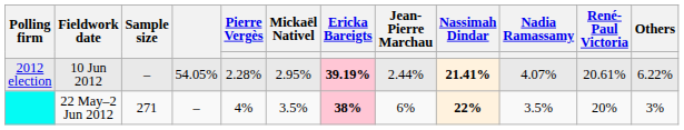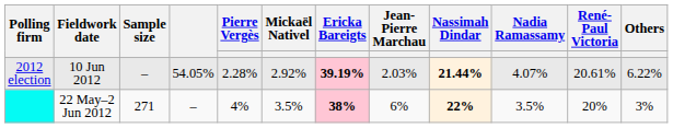 <table class="wikitable sortable" style="text-align:center;font-size:90%;line-height:14px;">
 <tr style="height:40px;">
 <th style="width:100px;" rowspan="2">Polling firm</th>
 <th style="width:110px;" rowspan="2">Fieldwork date</th>
 <th style="width:35px;" rowspan="2">Sample<br>size</th>
 <th style="width:30px;" rowspan="2"></th>
 <th class="unsortable" style="width:60px;"><a href='#'>Pierre Vergès</a><br></th>
 <th class="unsortable" style="width:60px;">Mickaël Nativel<br></th>
 <th class="unsortable" style="width:60px;"><a href='#'>Ericka Bareigts</a><br></th>
 <th class="unsortable" style="width:60px;">Jean-Pierre Marchau<br></th>
 <th class="unsortable" style="width:60px;"><a href='#'>Nassimah Dindar</a><br></th>
 <th class="unsortable" style="width:60px;"><a href='#'>Nadia Ramassamy</a><br></th>
 <th class="unsortable" style="width:60px;"><a href='#'>René-Paul Victoria</a><br></th>
 <th class="unsortable" style="width:60px;">Others</th>
 </tr>
 <tr>
 <th style="background:"></th>
 <th style="background:"></th>
 <th style="background:"></th>
 <th style="background:"></th>
 <th style="background:"></th>
 <th style="background:"></th>
 <th style="background:"></th>
 <th style="background:"></th>
 </tr>
 <tr style="background:#E9E9E9;">
 <td><a href='#'>2012 election</a></td>
 <td data-sort-value="2012-06-10">10 Jun 2012</td>
 <td>–</td>
 <td>54.05%</td>
 <td>2.28%</td>
-<td>2.95%</td>
+<td>2.92%</td>
 <td style="background:#FFC6D5;"><strong>39.19%</strong></td>
-<td>2.44%</td>
-<td style="background:#FFF2DE;"><strong>21.41%</strong></td>
+<td>2.03%</td>
+<td style="background:#FFF2DE;"><strong>21.44%</strong></td>
 <td>4.07%</td>
 <td>20.61%</td>
 <td>6.22%</td>
 </tr>
 <tr>
 <td style="background:#04FBF4;"></td>
 <td data-sort-value="2012-06-02">22 May–2 Jun 2012</td>
 <td>271</td>
 <td>–</td>
 <td>4%</td>
 <td>3.5%</td>
 <td style="background:#FFC6D5;"><strong>38%</strong></td>
 <td>6%</td>
 <td style="background:#FFF2DE;"><strong>22%</strong></td>
 <td>3.5%</td>
 <td>20%</td>
 <td>3%</td>
 </tr>
 </table>
